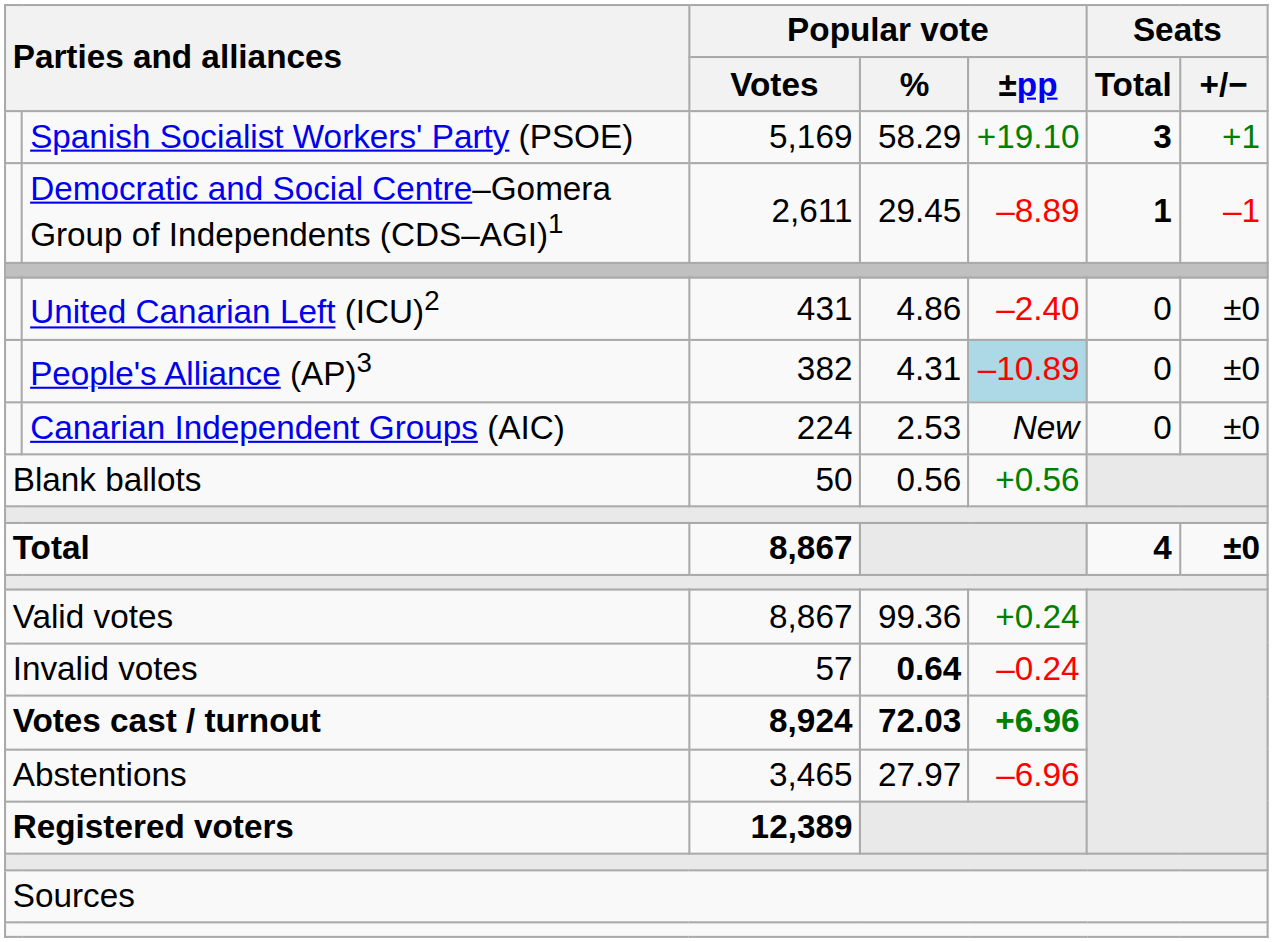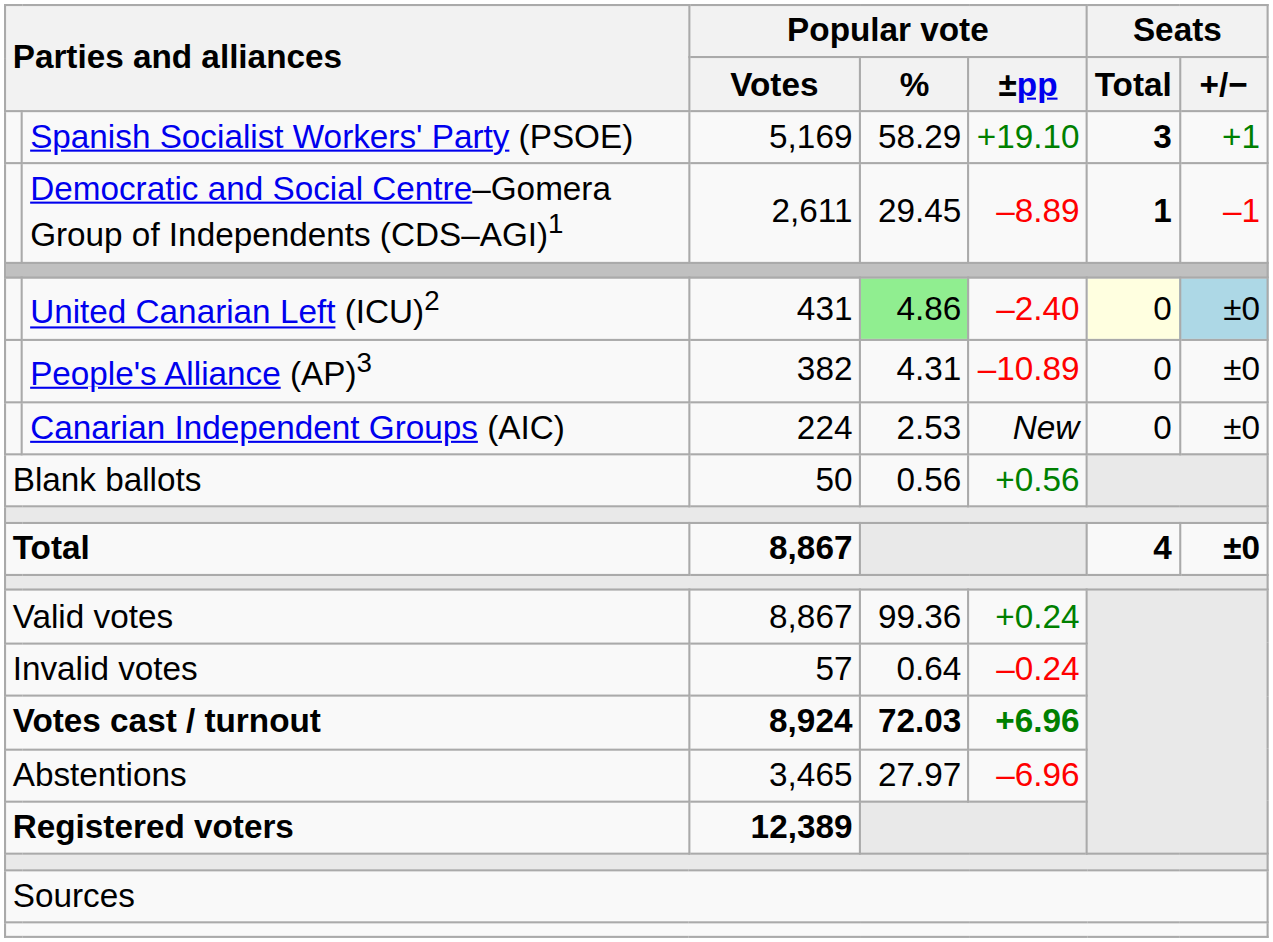 <table class="wikitable" style="text-align:right;">
 <tr>
 <th style="text-align:left;" rowspan="2" colspan="2" width="525">Parties and alliances</th>
 <th colspan="3">Popular vote</th>
 <th colspan="2">Seats</th>
 </tr>
 <tr>
 <th width="75">Votes</th>
 <th width="45">%</th>
 <th width="45">±<a href='#'>pp</a></th>
 <th width="35">Total</th>
 <th width="35">+/−</th>
 </tr>
 <tr>
 <td width="1" style="color:inherit;background:"></td>
 <td align="left"><a href='#'>Spanish Socialist Workers' Party</a> (PSOE)</td>
 <td>5,169</td>
 <td>58.29</td>
 <td style="color:green;">+19.10</td>
 <td><strong>3</strong></td>
 <td style="color:green;">+1</td>
 </tr>
 <tr>
 <td style="color:inherit;background:"></td>
 <td align="left"><a href='#'>Democratic and Social Centre</a>–Gomera Group of Independents (CDS–AGI)<sup>1</sup></td>
 <td>2,611</td>
 <td>29.45</td>
 <td style="color:red;">–8.89</td>
 <td><strong>1</strong></td>
 <td style="color:red;">–1</td>
 </tr>
 <tr>
 <td colspan="7" bgcolor="#C0C0C0"></td>
 </tr>
 <tr>
 <td style="color:inherit;background:"></td>
 <td align="left"><a href='#'>United Canarian Left</a> (ICU)<sup>2</sup></td>
 <td>431</td>
-<td>4.86</td>
+<td style="background: lightgreen;">4.86</td>
 <td style="color:red;">–2.40</td>
-<td>0</td>
-<td>±0</td>
+<td style="background: lightyellow;">0</td>
+<td style="background: lightblue;">±0</td>
 </tr>
 <tr>
 <td style="color:inherit;background:"></td>
 <td align="left"><a href='#'>People's Alliance</a> (AP)<sup>3</sup></td>
 <td>382</td>
 <td>4.31</td>
-<td style="background: lightblue; color:red;">–10.89</td>
+<td style="color:red;">–10.89</td>
 <td>0</td>
 <td>±0</td>
 </tr>
 <tr>
 <td style="color:inherit;background:"></td>
 <td align="left"><a href='#'>Canarian Independent Groups</a> (AIC)</td>
 <td>224</td>
 <td>2.53</td>
 <td><em>New</em></td>
 <td>0</td>
 <td>±0</td>
 </tr>
 <tr>
 <td align="left" colspan="2">Blank ballots</td>
 <td>50</td>
 <td>0.56</td>
 <td style="color:green;">+0.56</td>
 <td bgcolor="#E9E9E9" colspan="2"></td>
 </tr>
 <tr>
 <td colspan="7" bgcolor="#E9E9E9"></td>
 </tr>
 <tr style="font-weight:bold;">
 <td align="left" colspan="2">Total</td>
 <td>8,867</td>
 <td bgcolor="#E9E9E9" colspan="2"></td>
 <td>4</td>
 <td>±0</td>
 </tr>
 <tr>
 <td colspan="7" bgcolor="#E9E9E9"></td>
 </tr>
 <tr>
 <td align="left" colspan="2">Valid votes</td>
 <td>8,867</td>
 <td>99.36</td>
 <td style="color:green;">+0.24</td>
 <td bgcolor="#E9E9E9" colspan="2" rowspan="5"></td>
 </tr>
 <tr>
 <td align="left" colspan="2">Invalid votes</td>
 <td>57</td>
-<td><strong>0.64</strong></td>
+<td>0.64</td>
 <td style="color:red;">–0.24</td>
 </tr>
 <tr style="font-weight:bold;">
 <td align="left" colspan="2">Votes cast / turnout</td>
 <td>8,924</td>
 <td>72.03</td>
 <td style="color:green;">+6.96</td>
 </tr>
 <tr>
 <td align="left" colspan="2">Abstentions</td>
 <td>3,465</td>
 <td>27.97</td>
 <td style="color:red;">–6.96</td>
 </tr>
 <tr style="font-weight:bold;">
 <td align="left" colspan="2">Registered voters</td>
 <td>12,389</td>
 <td bgcolor="#E9E9E9" colspan="2"></td>
 </tr>
 <tr>
 <td colspan="7" bgcolor="#E9E9E9"></td>
 </tr>
 <tr>
 <td align="left" colspan="7">Sources</td>
 </tr>
 <tr>
 <td colspan="7" style="text-align:left; max-width:790px;"></td>
 </tr>
 </table>
